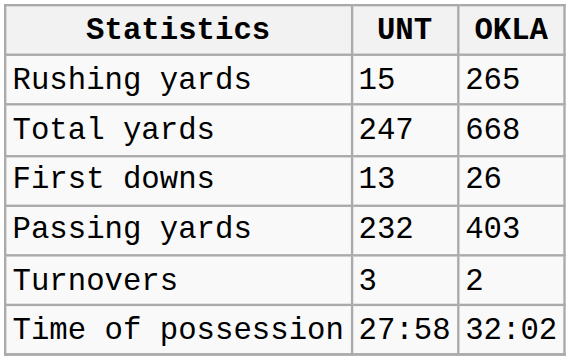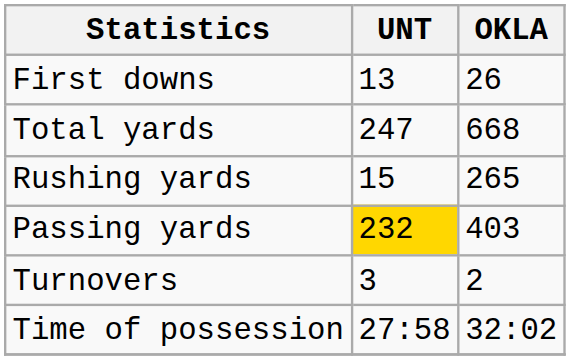 <table class="wikitable">
 <tr>
 <th>Statistics</th>
 <th>UNT</th>
 <th>OKLA</th>
 </tr>
 <tr>
-<td>Rushing yards</td>
-<td>15</td>
-<td>265</td>
+<td>First downs</td>
+<td>13</td>
+<td>26</td>
 </tr>
 <tr>
 <td>Total yards</td>
 <td>247</td>
 <td>668</td>
 </tr>
 <tr>
-<td>First downs</td>
-<td>13</td>
-<td>26</td>
+<td>Rushing yards</td>
+<td>15</td>
+<td>265</td>
 </tr>
 <tr>
 <td>Passing yards</td>
-<td>232</td>
+<td style="background: gold;">232</td>
 <td>403</td>
 </tr>
 <tr>
 <td>Turnovers</td>
 <td>3</td>
 <td>2</td>
 </tr>
 <tr>
 <td>Time of possession</td>
 <td>27:58</td>
 <td>32:02</td>
 </tr>
 <tr>
 </tr>
 </table>
